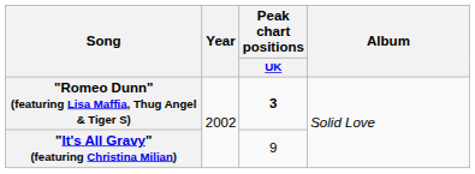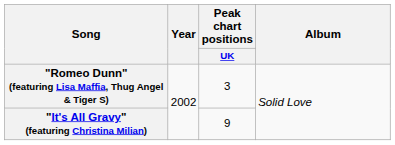 <table class="wikitable plainrowheaders">
 <tr>
 <th style="width:220px;" rowspan="2">Song</th>
 <th style="width:30px;" rowspan="2">Year</th>
 <th>Peak chart positions</th>
 <th style="width:180px;" rowspan="2">Album</th>
 </tr>
 <tr>
 <th style="width:3em; font-size:85%;"><a href='#'>UK</a><br></th>
 </tr>
 <tr>
 <th scope="row">"Romeo Dunn" <br><small>(featuring <a href='#'>Lisa Maffia</a>, Thug Angel & Tiger S)</small></th>
 <td style="text-align:center;" rowspan="2">2002</td>
-<td style="text-align:center;"><strong>3</strong></td>
+<td style="text-align:center;">3</td>
 <td style="text-align:left;" rowspan="2"><em>Solid Love</em></td>
 </tr>
 <tr>
 <th scope="row">"<a href='#'>It's All Gravy</a>" <br><small>(featuring <a href='#'>Christina Milian</a>)</small></th>
 <td style="text-align:center;">9</td>
 </tr>
 </table>
